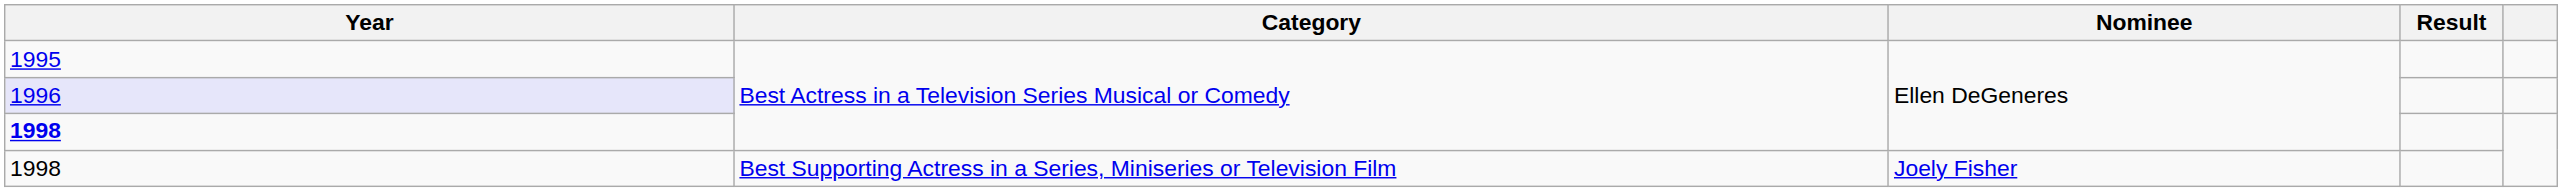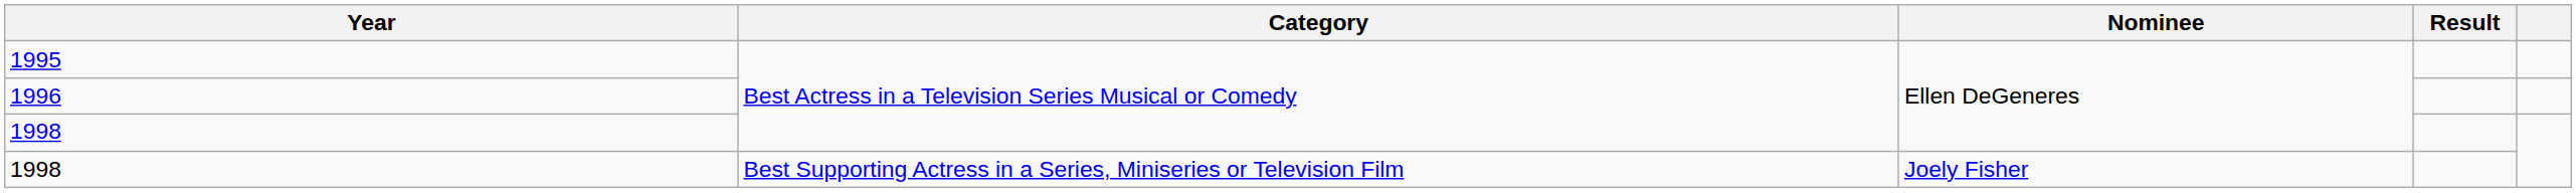 <table class="wikitable" width=90%>
 <tr>
 <th scope="col">Year</th>
 <th width="800" scope="col">Category</th>
 <th width="350" scope="col">Nominee</th>
 <th width="65" scope="col">Result</th>
 <th width="30" scope="col"></th>
 </tr>
 <tr>
 <td><a href='#'>1995</a></td>
 <td scope="row" rowspan="3"><a href='#'>Best Actress in a Television Series Musical or Comedy</a></td>
 <td rowspan="3">Ellen DeGeneres</td>
 <td></td>
 <td style="text-align:center;"></td>
 </tr>
 <tr>
-<td style="background: lavender;"><a href='#'>1996</a></td>
+<td><a href='#'>1996</a></td>
 <td></td>
 <td style="text-align:center;"></td>
 </tr>
 <tr>
-<td><strong><a href='#'>1998</a></strong></td>
+<td><a href='#'>1998</a></td>
 <td></td>
 <td style="text-align:center;" rowspan="2"></td>
 </tr>
 <tr>
 <td>1998</td>
 <td scope="row"><a href='#'>Best Supporting Actress in a Series, Miniseries or Television Film</a></td>
 <td><a href='#'>Joely Fisher</a></td>
 <td></td>
 </tr>
 </table>
